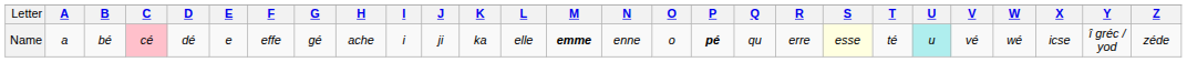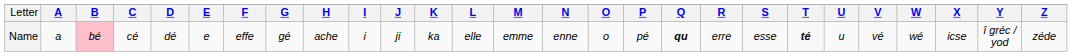 <table class="wikitable" style="text-align:center; min-width:60%; margin-left:5px">
 <tr>
 </tr>
 <tr>
 <th style="font-weight:normal; text-align:right"  width=50>Letter</th>
 <th width=100><a href='#'>A</a></th>
 <th width=100><a href='#'>B</a></th>
 <th width=100><a href='#'>C</a></th>
 <th width=100><a href='#'>D</a></th>
 <th width=100><a href='#'>E</a></th>
 <th width=100><a href='#'>F</a></th>
 <th width=100><a href='#'>G</a></th>
 <th width=100><a href='#'>H</a></th>
 <th width=100><a href='#'>I</a></th>
 <th width=100><a href='#'>J</a></th>
 <th width=100><a href='#'>K</a></th>
 <th width=100><a href='#'>L</a></th>
 <th width=100><a href='#'>M</a></th>
 <th width=100><a href='#'>N</a></th>
 <th width=100><a href='#'>O</a></th>
 <th width=100><a href='#'>P</a></th>
 <th width=100><a href='#'>Q</a></th>
 <th width=100><a href='#'>R</a></th>
 <th width=100><a href='#'>S</a></th>
 <th width=100><a href='#'>T</a></th>
 <th width=100><a href='#'>U</a></th>
 <th width=100><a href='#'>V</a></th>
 <th width=100><a href='#'>W</a></th>
 <th width=100><a href='#'>X</a></th>
 <th width=100><a href='#'>Y</a></th>
 <th width=100><a href='#'>Z</a></th>
 </tr>
 <tr>
 <th style="font-weight:normal; text-align:right">Name</th>
 <td><em>a</em></td>
-<td><em>bé</em></td>
-<td style="background: pink;"><em>cé</em></td>
+<td style="background: pink;"><em>bé</em></td>
+<td><em>cé</em></td>
 <td><em>dé</em></td>
 <td><em>e</em></td>
 <td><em>effe</em></td>
 <td><em>gé</em></td>
 <td><em>ache</em></td>
 <td><em>i</em></td>
 <td><em>ji</em></td>
 <td><em>ka</em></td>
 <td><em>elle</em></td>
-<td><strong><em>emme</em></strong></td>
+<td><em>emme</em></td>
 <td><em>enne</em></td>
 <td><em>o</em></td>
-<td><strong><em>pé</em></strong></td>
-<td><em>qu</em></td>
+<td><em>pé</em></td>
+<td><strong><em>qu</em></strong></td>
 <td><em>erre</em></td>
-<td style="background: lightyellow;"><em>esse</em></td>
-<td><em>té</em></td>
-<td style="background: paleturquoise;"><em>u</em></td>
+<td><em>esse</em></td>
+<td><strong><em>té</em></strong></td>
+<td><em>u</em></td>
 <td><em>vé</em></td>
 <td><em>wé</em></td>
 <td><em>icse</em></td>
 <td><em>î gréc / yod</em></td>
 <td><em>zéde</em></td>
 </tr>
 </table>
